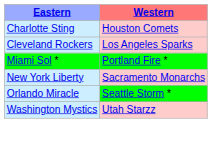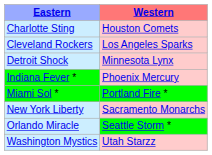 <table class="wikitable">
 <tr>
 <th style="background-color: #9AF;"><a href='#'>Eastern</a></th>
 <th style="background-color: #F77;"><a href='#'>Western</a></th>
 </tr>
 <tr>
 <td style="background-color: #CEF;"><a href='#'>Charlotte Sting</a></td>
 <td style="background-color: #FCC;"><a href='#'>Houston Comets</a></td>
 </tr>
 <tr>
 <td style="background-color: #CEF;"><a href='#'>Cleveland Rockers</a></td>
 <td style="background-color: #FCC;"><a href='#'>Los Angeles Sparks</a></td>
+</tr>
+<tr>
+<td style="background-color: #CEF;"><a href='#'>Detroit Shock</a></td>
+<td style="background-color: #FCC;"><a href='#'>Minnesota Lynx</a></td>
+</tr>
+<tr>
+<td style="background-color: #0F0;"><a href='#'>Indiana Fever</a> *</td>
+<td style="background-color: #FCC;"><a href='#'>Phoenix Mercury</a></td>
 </tr>
 <tr>
 <td style="background-color: #0F0;"><a href='#'>Miami Sol</a> *</td>
 <td style="background-color: #0F0;"><a href='#'>Portland Fire</a> *</td>
 </tr>
 <tr>
 <td style="background-color: #CEF;"><a href='#'>New York Liberty</a></td>
 <td style="background-color: #FCC;"><a href='#'>Sacramento Monarchs</a></td>
 </tr>
 <tr>
 <td style="background-color: #CEF;"><a href='#'>Orlando Miracle</a></td>
 <td style="background-color: #0F0;"><a href='#'>Seattle Storm</a> *</td>
 </tr>
 <tr>
 <td style="background-color: #CEF;"><a href='#'>Washington Mystics</a></td>
 <td style="background-color: #FCC;"><a href='#'>Utah Starzz</a></td>
 </tr>
 </table>
